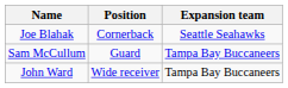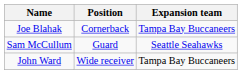 <table class="wikitable" style="text-align:center">
 <tr>
 <th>Name</th>
 <th>Position</th>
 <th>Expansion team</th>
 </tr>
 <tr>
 <td><a href='#'>Joe Blahak</a></td>
 <td><a href='#'>Cornerback</a></td>
-<td><a href='#'>Seattle Seahawks</a></td>
+<td><a href='#'>Tampa Bay Buccaneers</a></td>
 </tr>
 <tr>
 <td><a href='#'>Sam McCullum</a></td>
 <td><a href='#'>Guard</a></td>
-<td><a href='#'>Tampa Bay Buccaneers</a></td>
+<td><a href='#'>Seattle Seahawks</a></td>
 </tr>
 <tr>
 <td><a href='#'>John Ward</a></td>
 <td><a href='#'>Wide receiver</a></td>
 <td>Tampa Bay Buccaneers</td>
 </tr>
 </table>
